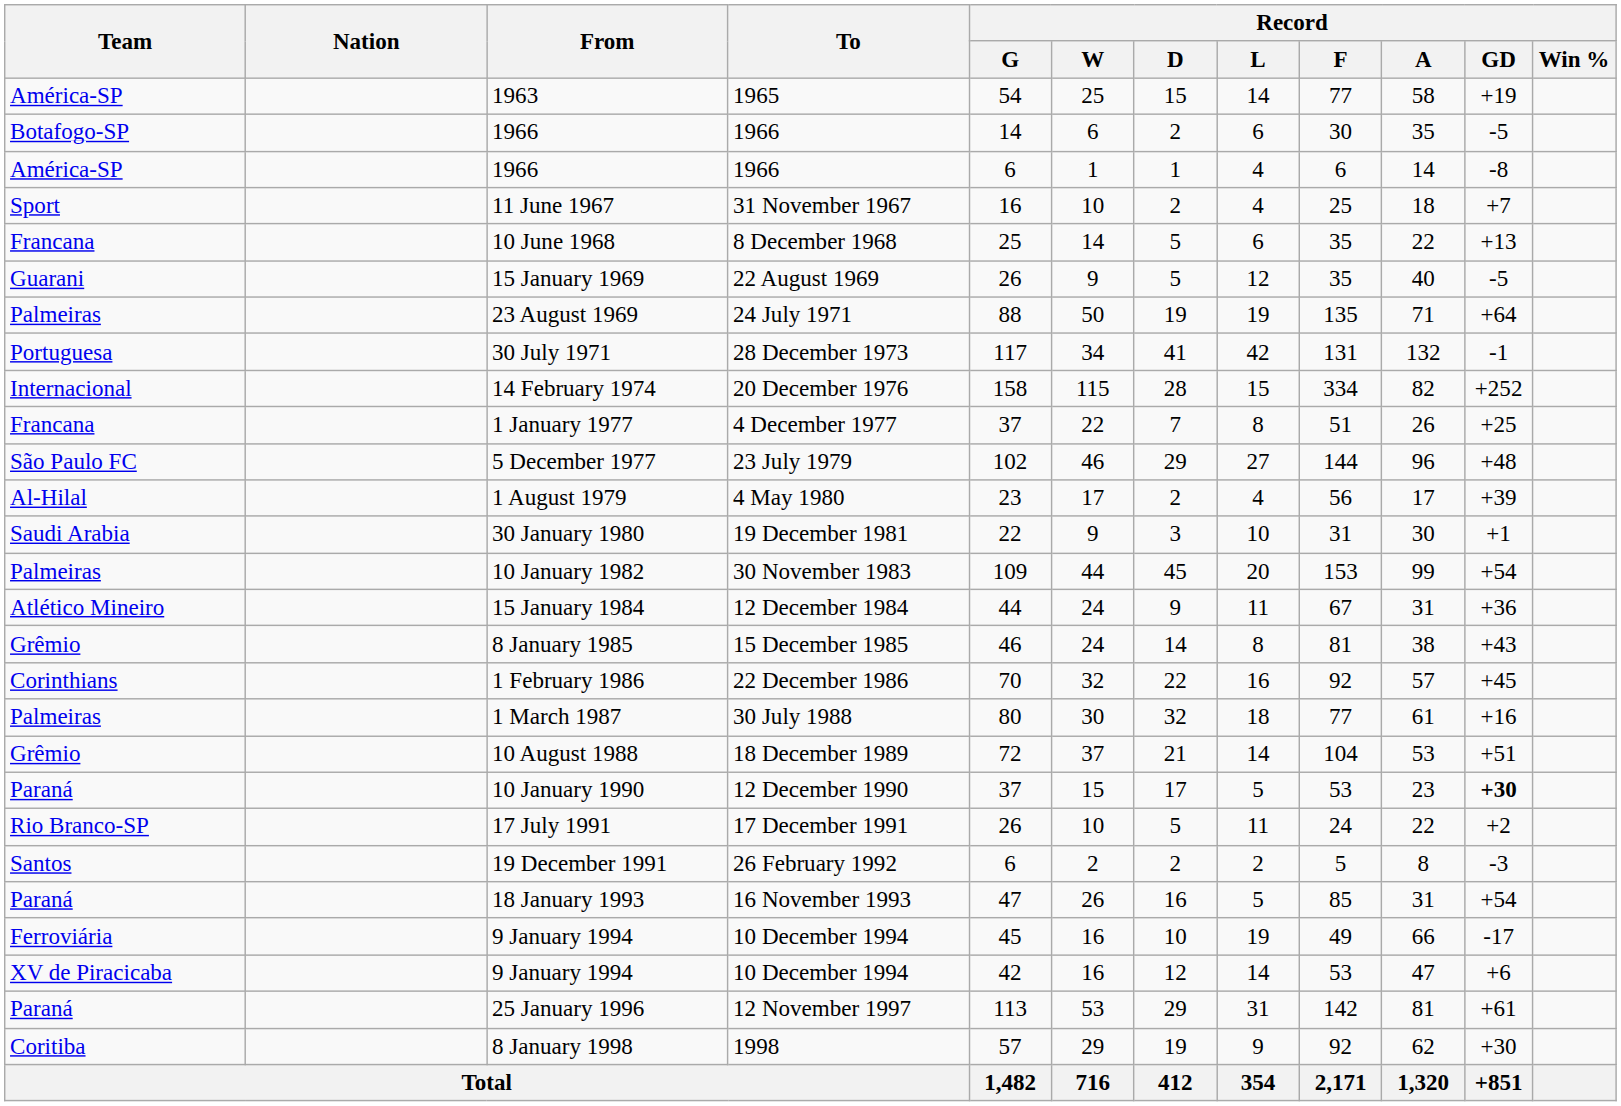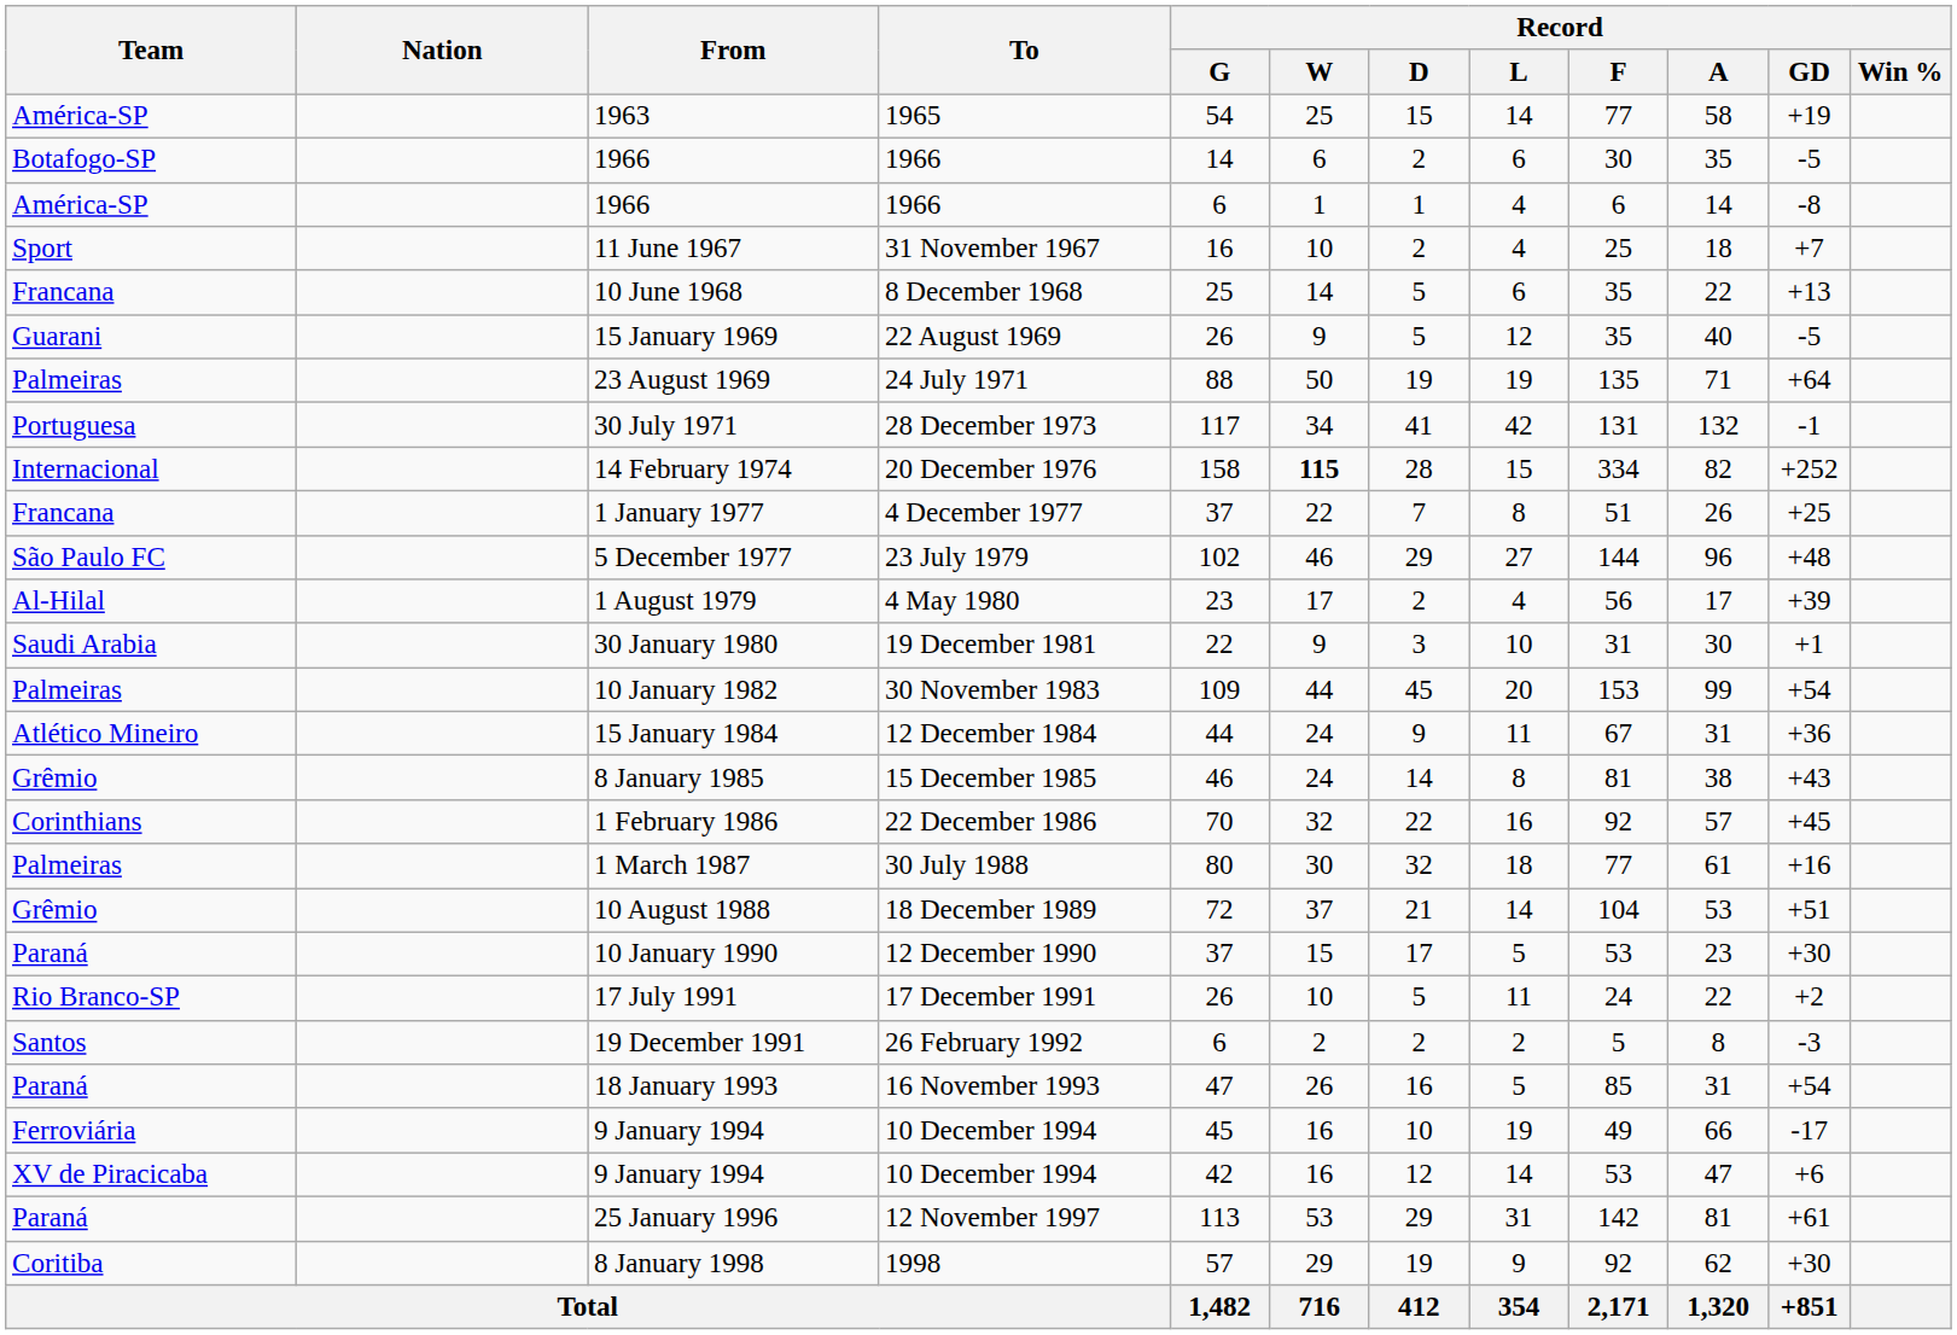 <table class="wikitable" style="text-align: center">
 <tr>
 <th rowspan=2 width=160>Team</th>
 <th rowspan=2 width=160>Nation</th>
 <th rowspan=2 width=160>From</th>
 <th rowspan=2 width=160>To</th>
 <th colspan=8>Record</th>
 </tr>
 <tr>
 <th width=50>G</th>
 <th width=50>W</th>
 <th width=50>D</th>
 <th width=50>L</th>
 <th width=50>F</th>
 <th width=50>A</th>
 <th width=40>GD</th>
 <th width=50>Win %</th>
 </tr>
 <tr>
 <td align="left"><a href='#'>América-SP</a></td>
 <td align="left"></td>
 <td align=left>1963</td>
 <td align=left>1965</td>
 <td>54</td>
 <td>25</td>
 <td>15</td>
 <td>14</td>
 <td>77</td>
 <td>58</td>
 <td>+19</td>
 <td></td>
 </tr>
 <tr>
 <td align="left"><a href='#'>Botafogo-SP</a></td>
 <td align="left"></td>
 <td align=left>1966</td>
 <td align=left>1966</td>
 <td>14</td>
 <td>6</td>
 <td>2</td>
 <td>6</td>
 <td>30</td>
 <td>35</td>
 <td>-5</td>
 <td></td>
 </tr>
 <tr>
 <td align="left"><a href='#'>América-SP</a></td>
 <td align="left"></td>
 <td align=left>1966</td>
 <td align=left>1966</td>
 <td>6</td>
 <td>1</td>
 <td>1</td>
 <td>4</td>
 <td>6</td>
 <td>14</td>
 <td>-8</td>
 <td></td>
 </tr>
 <tr>
 <td align="left"><a href='#'>Sport</a></td>
 <td align="left"></td>
 <td align=left>11 June 1967</td>
 <td align=left>31 November 1967</td>
 <td>16</td>
 <td>10</td>
 <td>2</td>
 <td>4</td>
 <td>25</td>
 <td>18</td>
 <td>+7</td>
 <td></td>
 </tr>
 <tr>
 <td align="left"><a href='#'>Francana</a></td>
 <td align="left"></td>
 <td align=left>10 June 1968</td>
 <td align=left>8 December 1968</td>
 <td>25</td>
 <td>14</td>
 <td>5</td>
 <td>6</td>
 <td>35</td>
 <td>22</td>
 <td>+13</td>
 <td></td>
 </tr>
 <tr>
 <td align="left"><a href='#'>Guarani</a></td>
 <td align="left"></td>
 <td align=left>15 January 1969</td>
 <td align=left>22 August 1969</td>
 <td>26</td>
 <td>9</td>
 <td>5</td>
 <td>12</td>
 <td>35</td>
 <td>40</td>
 <td>-5</td>
 <td></td>
 </tr>
 <tr>
 <td align="left"><a href='#'>Palmeiras</a></td>
 <td align="left"></td>
 <td align=left>23 August 1969</td>
 <td align=left>24 July 1971</td>
 <td>88</td>
 <td>50</td>
 <td>19</td>
 <td>19</td>
 <td>135</td>
 <td>71</td>
 <td>+64</td>
 <td></td>
 </tr>
 <tr>
 <td align="left"><a href='#'>Portuguesa</a></td>
 <td align="left"></td>
 <td align=left>30 July 1971</td>
 <td align=left>28 December 1973</td>
 <td>117</td>
 <td>34</td>
 <td>41</td>
 <td>42</td>
 <td>131</td>
 <td>132</td>
 <td>-1</td>
 <td></td>
 </tr>
 <tr>
 <td align="left"><a href='#'>Internacional</a></td>
 <td align="left"></td>
 <td align=left>14 February 1974</td>
 <td align=left>20 December 1976</td>
 <td>158</td>
-<td>115</td>
+<td><strong>115</strong></td>
 <td>28</td>
 <td>15</td>
 <td>334</td>
 <td>82</td>
 <td>+252</td>
 <td></td>
 </tr>
 <tr>
 <td align="left"><a href='#'>Francana</a></td>
 <td align="left"></td>
 <td align=left>1 January 1977</td>
 <td align=left>4 December 1977</td>
 <td>37</td>
 <td>22</td>
 <td>7</td>
 <td>8</td>
 <td>51</td>
 <td>26</td>
 <td>+25</td>
 <td></td>
 </tr>
 <tr>
 <td align="left"><a href='#'>São Paulo FC</a></td>
 <td align="left"></td>
 <td align=left>5 December 1977</td>
 <td align=left>23 July 1979</td>
 <td>102</td>
 <td>46</td>
 <td>29</td>
 <td>27</td>
 <td>144</td>
 <td>96</td>
 <td>+48</td>
 <td></td>
 </tr>
 <tr>
 <td align="left"><a href='#'>Al-Hilal</a></td>
 <td align="left"></td>
 <td align=left>1 August 1979</td>
 <td align=left>4 May 1980</td>
 <td>23</td>
 <td>17</td>
 <td>2</td>
 <td>4</td>
 <td>56</td>
 <td>17</td>
 <td>+39</td>
 <td></td>
 </tr>
 <tr>
 <td align="left"><a href='#'>Saudi Arabia</a></td>
 <td align="left"></td>
 <td align=left>30 January 1980</td>
 <td align=left>19 December 1981</td>
 <td>22</td>
 <td>9</td>
 <td>3</td>
 <td>10</td>
 <td>31</td>
 <td>30</td>
 <td>+1</td>
 <td></td>
 </tr>
 <tr>
 <td align="left"><a href='#'>Palmeiras</a></td>
 <td align="left"></td>
 <td align=left>10 January 1982</td>
 <td align=left>30 November 1983</td>
 <td>109</td>
 <td>44</td>
 <td>45</td>
 <td>20</td>
 <td>153</td>
 <td>99</td>
 <td>+54</td>
 <td></td>
 </tr>
 <tr>
 <td align="left"><a href='#'>Atlético Mineiro</a></td>
 <td align="left"></td>
 <td align=left>15 January 1984</td>
 <td align=left>12 December 1984</td>
 <td>44</td>
 <td>24</td>
 <td>9</td>
 <td>11</td>
 <td>67</td>
 <td>31</td>
 <td>+36</td>
 <td></td>
 </tr>
 <tr>
 <td align="left"><a href='#'>Grêmio</a></td>
 <td align="left"></td>
 <td align=left>8 January 1985</td>
 <td align=left>15 December 1985</td>
 <td>46</td>
 <td>24</td>
 <td>14</td>
 <td>8</td>
 <td>81</td>
 <td>38</td>
 <td>+43</td>
 <td></td>
 </tr>
 <tr>
 <td align="left"><a href='#'>Corinthians</a></td>
 <td align="left"></td>
 <td align=left>1 February 1986</td>
 <td align=left>22 December 1986</td>
 <td>70</td>
 <td>32</td>
 <td>22</td>
 <td>16</td>
 <td>92</td>
 <td>57</td>
 <td>+45</td>
 <td></td>
 </tr>
 <tr>
 <td align="left"><a href='#'>Palmeiras</a></td>
 <td align="left"></td>
 <td align=left>1 March 1987</td>
 <td align=left>30 July 1988</td>
 <td>80</td>
 <td>30</td>
 <td>32</td>
 <td>18</td>
 <td>77</td>
 <td>61</td>
 <td>+16</td>
 <td></td>
 </tr>
 <tr>
 <td align="left"><a href='#'>Grêmio</a></td>
 <td align="left"></td>
 <td align=left>10 August 1988</td>
 <td align=left>18 December 1989</td>
 <td>72</td>
 <td>37</td>
 <td>21</td>
 <td>14</td>
 <td>104</td>
 <td>53</td>
 <td>+51</td>
 <td></td>
 </tr>
 <tr>
 <td align="left"><a href='#'>Paraná</a></td>
 <td align="left"></td>
 <td align=left>10 January 1990</td>
 <td align=left>12 December 1990</td>
 <td>37</td>
 <td>15</td>
 <td>17</td>
 <td>5</td>
 <td>53</td>
 <td>23</td>
-<td><strong>+30</strong></td>
+<td>+30</td>
 <td></td>
 </tr>
 <tr>
 <td align="left"><a href='#'>Rio Branco-SP</a></td>
 <td align="left"></td>
 <td align=left>17 July 1991</td>
 <td align=left>17 December 1991</td>
 <td>26</td>
 <td>10</td>
 <td>5</td>
 <td>11</td>
 <td>24</td>
 <td>22</td>
 <td>+2</td>
 <td></td>
 </tr>
 <tr>
 <td align="left"><a href='#'>Santos</a></td>
 <td align="left"></td>
 <td align=left>19 December 1991</td>
 <td align=left>26 February 1992</td>
 <td>6</td>
 <td>2</td>
 <td>2</td>
 <td>2</td>
 <td>5</td>
 <td>8</td>
 <td>-3</td>
 <td></td>
 </tr>
 <tr>
 <td align="left"><a href='#'>Paraná</a></td>
 <td align="left"></td>
 <td align=left>18 January 1993</td>
 <td align=left>16 November 1993</td>
 <td>47</td>
 <td>26</td>
 <td>16</td>
 <td>5</td>
 <td>85</td>
 <td>31</td>
 <td>+54</td>
 <td></td>
 </tr>
 <tr>
 <td align="left"><a href='#'>Ferroviária</a></td>
 <td align="left"></td>
 <td align=left>9 January 1994</td>
 <td align=left>10 December 1994</td>
 <td>45</td>
 <td>16</td>
 <td>10</td>
 <td>19</td>
 <td>49</td>
 <td>66</td>
 <td>-17</td>
 <td></td>
 </tr>
 <tr>
 <td align="left"><a href='#'>XV de Piracicaba</a></td>
 <td align="left"></td>
 <td align=left>9 January 1994</td>
 <td align=left>10 December 1994</td>
 <td>42</td>
 <td>16</td>
 <td>12</td>
 <td>14</td>
 <td>53</td>
 <td>47</td>
 <td>+6</td>
 <td></td>
 </tr>
 <tr>
 <td align="left"><a href='#'>Paraná</a></td>
 <td align="left"></td>
 <td align=left>25 January 1996</td>
 <td align=left>12 November 1997</td>
 <td>113</td>
 <td>53</td>
 <td>29</td>
 <td>31</td>
 <td>142</td>
 <td>81</td>
 <td>+61</td>
 <td></td>
 </tr>
 <tr>
 <td align="left"><a href='#'>Coritiba</a></td>
 <td align="left"></td>
 <td align=left>8 January 1998</td>
 <td align=left>1998</td>
 <td>57</td>
 <td>29</td>
 <td>19</td>
 <td>9</td>
 <td>92</td>
 <td>62</td>
 <td>+30</td>
 <td></td>
 </tr>
 <tr>
 <th align="center" colspan="4">Total</th>
 <th>1,482</th>
 <th>716</th>
 <th>412</th>
 <th>354</th>
 <th>2,171</th>
 <th>1,320</th>
 <th>+851</th>
 <th></th>
 </tr>
 </table>
